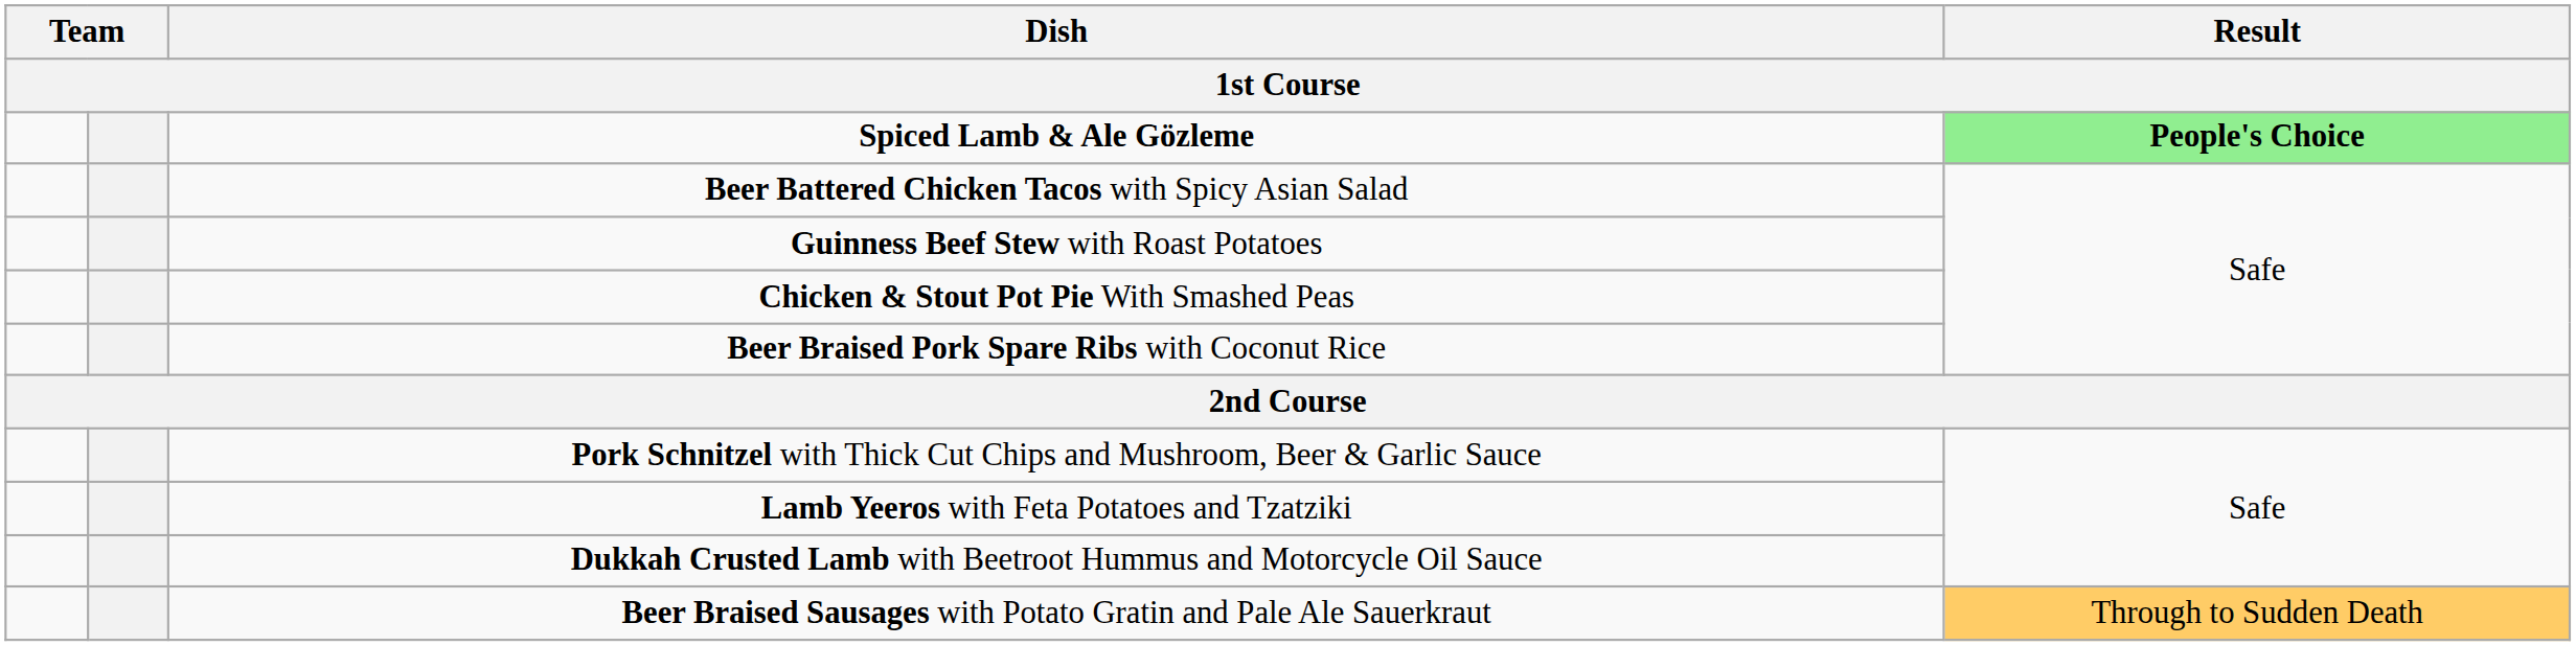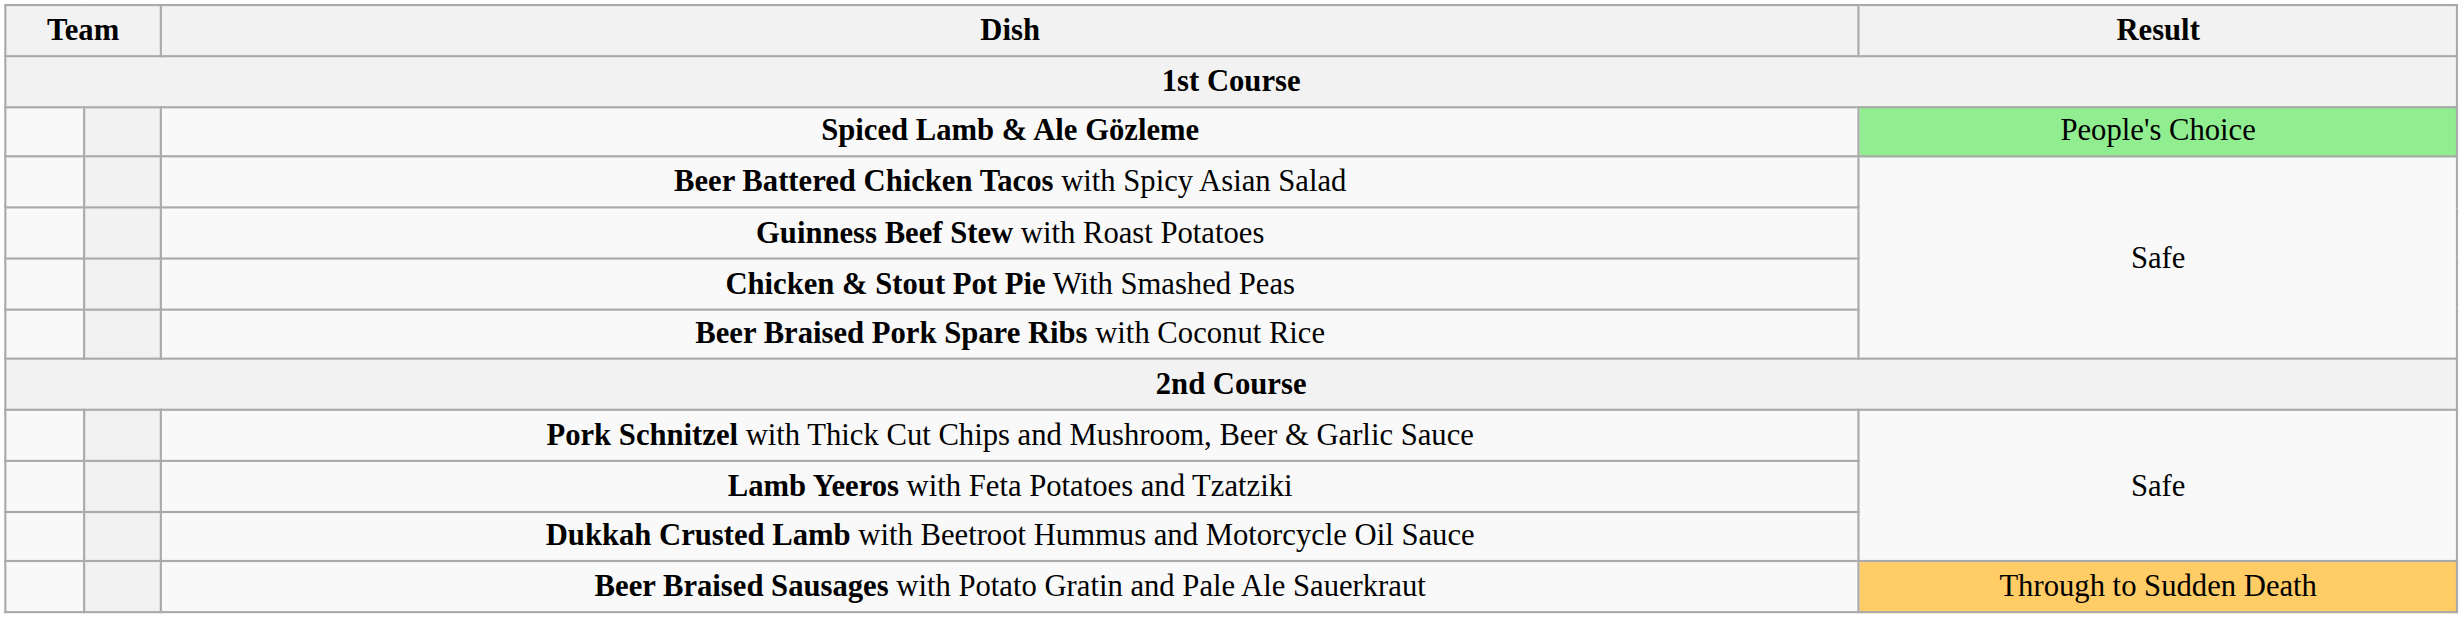 <table class="wikitable plainrowheaders" style="margin:1em auto; text-align:center; font-size:90%; width:80em;">
 <tr>
 <th colspan="2">Team</th>
 <th>Dish</th>
 <th>Result</th>
 </tr>
 <tr>
 <th colspan="6" >1st Course</th>
 </tr>
 <tr>
 <td></td>
 <th></th>
 <td><strong>Spiced Lamb & Ale Gözleme</strong></td>
-<td style="background:lightgreen"><strong>People's Choice</strong></td>
+<td style="background:lightgreen">People's Choice</td>
 </tr>
 <tr>
 <td></td>
 <th></th>
 <td><strong>Beer Battered Chicken Tacos</strong> with Spicy Asian Salad</td>
 <td rowspan="4">Safe</td>
 </tr>
 <tr>
 <td></td>
 <th></th>
 <td><strong>Guinness Beef Stew</strong> with Roast Potatoes</td>
 </tr>
 <tr>
 <td></td>
 <th></th>
 <td><strong>Chicken & Stout Pot Pie</strong> With Smashed Peas</td>
 </tr>
 <tr>
 <td></td>
 <th></th>
 <td><strong>Beer Braised Pork Spare Ribs</strong> with Coconut Rice</td>
 </tr>
 <tr>
 <th colspan="5" >2nd Course</th>
 </tr>
 <tr>
 <td></td>
 <th></th>
 <td><strong>Pork Schnitzel</strong> with Thick Cut Chips and Mushroom, Beer & Garlic Sauce</td>
 <td rowspan="3">Safe</td>
 </tr>
 <tr>
 <td></td>
 <th></th>
 <td><strong>Lamb Yeeros</strong> with Feta Potatoes and Tzatziki</td>
 </tr>
 <tr>
 <td></td>
 <th></th>
 <td><strong>Dukkah Crusted Lamb</strong> with Beetroot Hummus and Motorcycle Oil Sauce</td>
 </tr>
 <tr>
 <td></td>
 <th></th>
 <td><strong>Beer Braised Sausages</strong> with Potato Gratin and Pale Ale Sauerkraut</td>
 <td style="background:#FFCC66">Through to Sudden Death</td>
 </tr>
 </table>
